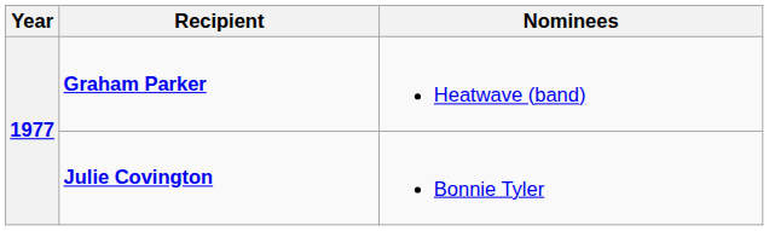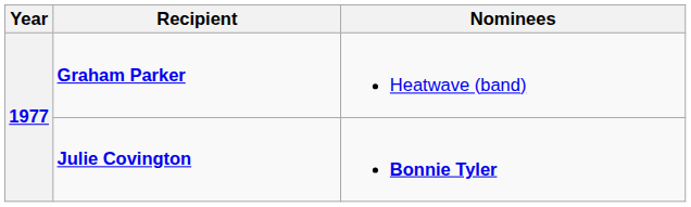 <table class="wikitable sortable">
 <tr>
 <th>Year</th>
 <th width=250px>Recipient</th>
 <th width=300px class=unsortable>Nominees</th>
 </tr>
 <tr>
 <th rowspan="2"><a href='#'>1977</a></th>
 <td><strong><a href='#'>Graham Parker</a></strong></td>
 <td><br><ul><li><a href='#'>Heatwave (band)</a></li></ul></td>
 </tr>
 <tr>
 <td><strong><a href='#'>Julie Covington</a></strong></td>
-<td><br><ul><li><a href='#'>Bonnie Tyler</a></li></ul></td>
+<td><strong><br><ul><li><a href='#'>Bonnie Tyler</a></li></ul></strong></td>
 </tr>
 </table>
